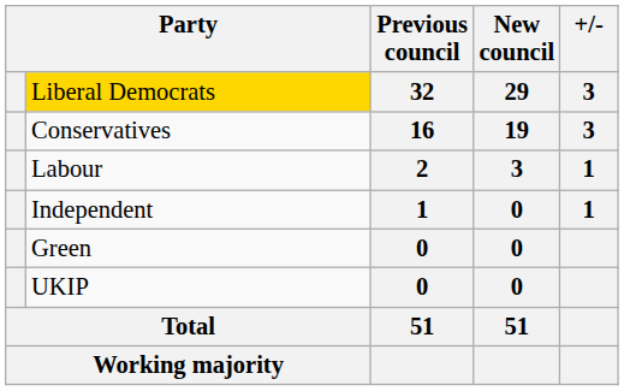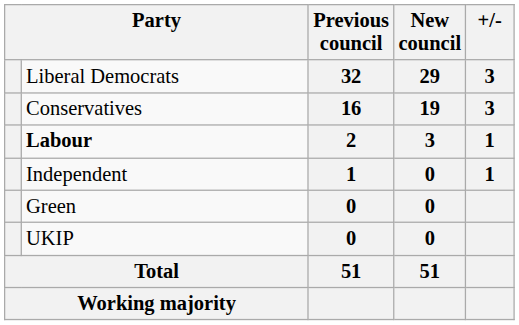 <table class="wikitable">
 <tr>
 <th valign=top colspan="2" style="width: 230px">Party</th>
 <th valign=top style="width: 30px">Previous council</th>
 <th valign=top style="width: 30px">New council</th>
 <th valign=top style="width: 30px">+/-</th>
 </tr>
 <tr>
 <th style="background-color: "></th>
-<td style="background: gold;">Liberal Democrats</td>
+<td>Liberal Democrats</td>
 <th align=center>32</th>
 <th align=center>29</th>
 <th align=center>3</th>
 </tr>
 <tr>
 <th style="background-color: "></th>
 <td>Conservatives</td>
 <th align=center>16</th>
 <th align=center>19</th>
 <th align=center>3</th>
 </tr>
 <tr>
 <th style="background-color: "></th>
-<td>Labour</td>
+<td><strong>Labour</strong></td>
 <th align=center>2</th>
 <th align=center>3</th>
 <th align=center>1</th>
 </tr>
 <tr>
 <th style="background-color: "></th>
 <td>Independent</td>
 <th align=center>1</th>
 <th align=center>0</th>
 <th align=center>1</th>
 </tr>
 <tr>
 <th style="background-color: "></th>
 <td>Green</td>
 <th align=center>0</th>
 <th align=center>0</th>
 <th align=center></th>
 </tr>
 <tr>
 <th style="background-color: "></th>
 <td>UKIP</td>
 <th align=center>0</th>
 <th align=center>0</th>
 <th align=center></th>
 </tr>
 <tr>
 <th colspan=2>Total</th>
 <th style="text-align: center">51</th>
 <th style="text-align: center">51</th>
 <th></th>
 </tr>
 <tr>
 <th colspan=2>Working majority</th>
 <th></th>
 <th></th>
 <th></th>
 </tr>
 </table>
